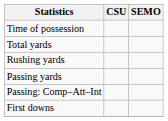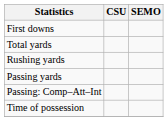 <table class="wikitable" style="float: left;">
 <tr>
 <th>Statistics</th>
 <th>CSU</th>
 <th>SEMO</th>
 </tr>
 <tr>
-<td>Time of possession</td>
+<td>First downs</td>
 <td></td>
 <td></td>
 </tr>
 <tr>
 <td>Total yards</td>
 <td></td>
 <td></td>
 </tr>
 <tr>
 <td>Rushing yards</td>
 <td></td>
 <td></td>
 </tr>
 <tr>
 <td>Passing yards</td>
 <td></td>
 <td></td>
 </tr>
 <tr>
 <td>Passing: Comp–Att–Int</td>
 <td></td>
 <td></td>
 </tr>
 <tr>
-<td>First downs</td>
+<td>Time of possession</td>
 <td></td>
 <td></td>
 </tr>
 <tr>
 </tr>
 </table>
